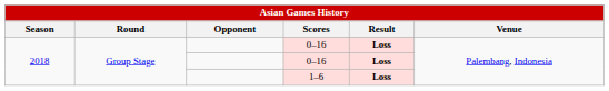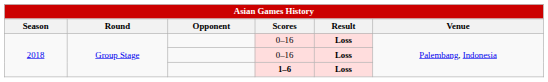 <table class="wikitable collapsible collapsed" style="text-align:center; font-size:90%; width:70%;">
 <tr>
 <th colspan="6" style="background: #CC0000; color: #FFFFFF;">Asian Games History</th>
 </tr>
 <tr>
 <th>Season</th>
 <th>Round</th>
 <th>Opponent</th>
 <th>Scores</th>
 <th>Result</th>
 <th>Venue</th>
 </tr>
 <tr>
 <td rowspan=3> <a href='#'>2018</a></td>
 <td rowspan=3><a href='#'>Group Stage</a></td>
 <td style="text-align:left"></td>
 <td style="background:#fdd;">0–16</td>
 <td style="background:#fdd;"><strong>Loss</strong></td>
 <td rowspan=3> <a href='#'>Palembang</a>, <a href='#'>Indonesia</a></td>
 </tr>
 <tr>
 <td style="text-align:left"></td>
 <td style="background:#fdd;">0–16</td>
 <td style="background:#fdd;"><strong>Loss</strong></td>
 </tr>
 <tr>
 <td style="text-align:left"></td>
-<td style="background:#fdd;">1–6</td>
+<td style="background:#fdd;"><strong>1–6</strong></td>
 <td style="background:#fdd;"><strong>Loss</strong></td>
 </tr>
 </table>
